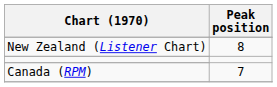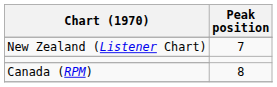 <table class="wikitable sortable plainrowheaders">
 <tr>
 <th>Chart (1970)</th>
 <th>Peak<br>position</th>
 </tr>
 <tr>
 </tr>
 <tr>
 </tr>
 <tr>
 <td>New Zealand (<em><a href='#'>Listener</a></em> Chart)</td>
-<td style="text-align:center;">8</td>
+<td style="text-align:center;">7</td>
 </tr>
 <tr>
 </tr>
 <tr>
 <td></td>
 </tr>
 <tr>
 </tr>
 <tr>
 <td>Canada (<em><a href='#'>RPM</a></em>)</td>
-<td style="text-align:center;">7</td>
+<td style="text-align:center;">8</td>
 </tr>
 <tr>
 </tr>
 <tr>
 </tr>
 </table>
